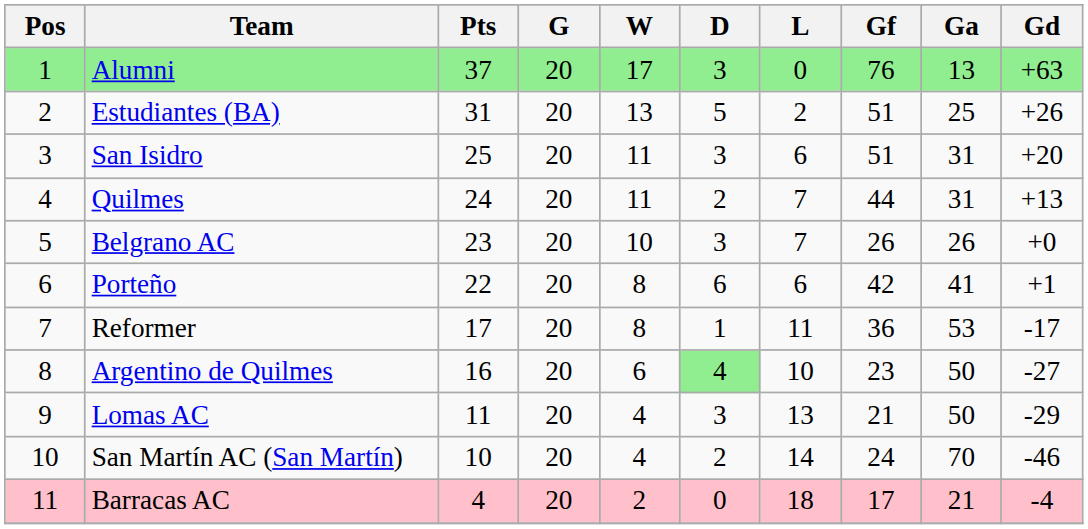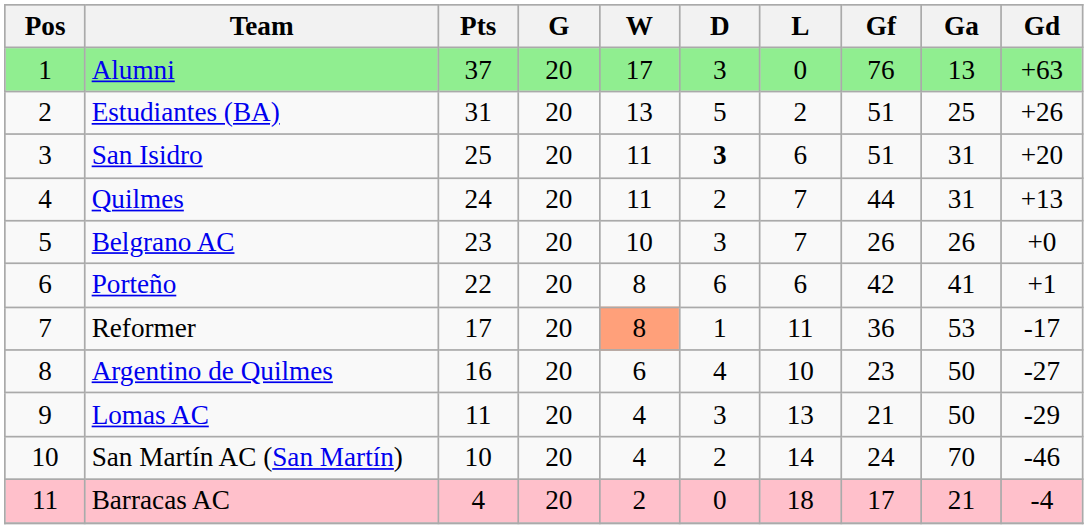 <table class="wikitable" style="text-align:center">
 <tr>
 <th width=40px>Pos</th>
 <th width=200px>Team</th>
 <th width=40px>Pts</th>
 <th width=40px>G</th>
 <th width=40px>W</th>
 <th width=40px>D</th>
 <th width=40px>L</th>
 <th width=40px>Gf</th>
 <th width=40px>Ga</th>
 <th width=40px>Gd</th>
 </tr>
 <tr align=center bgcolor="lightgreen">
 <td>1</td>
 <td align=left><a href='#'>Alumni</a></td>
 <td>37</td>
 <td>20</td>
 <td>17</td>
 <td>3</td>
 <td>0</td>
 <td>76</td>
 <td>13</td>
 <td>+63</td>
 </tr>
 <tr>
 <td>2</td>
 <td align=left><a href='#'>Estudiantes (BA)</a></td>
 <td>31</td>
 <td>20</td>
 <td>13</td>
 <td>5</td>
 <td>2</td>
 <td>51</td>
 <td>25</td>
 <td>+26</td>
 </tr>
 <tr>
 <td>3</td>
 <td align=left><a href='#'>San Isidro</a></td>
 <td>25</td>
 <td>20</td>
 <td>11</td>
-<td>3</td>
+<td><strong>3</strong></td>
 <td>6</td>
 <td>51</td>
 <td>31</td>
 <td>+20</td>
 </tr>
 <tr>
 <td>4</td>
 <td align=left><a href='#'>Quilmes</a></td>
 <td>24</td>
 <td>20</td>
 <td>11</td>
 <td>2</td>
 <td>7</td>
 <td>44</td>
 <td>31</td>
 <td>+13</td>
 </tr>
 <tr>
 <td>5</td>
 <td align=left><a href='#'>Belgrano AC</a></td>
 <td>23</td>
 <td>20</td>
 <td>10</td>
 <td>3</td>
 <td>7</td>
 <td>26</td>
 <td>26</td>
 <td>+0</td>
 </tr>
 <tr>
 <td>6</td>
 <td align=left><a href='#'>Porteño</a></td>
 <td>22</td>
 <td>20</td>
 <td>8</td>
 <td>6</td>
 <td>6</td>
 <td>42</td>
 <td>41</td>
 <td>+1</td>
 </tr>
 <tr>
 <td>7</td>
 <td align=left>Reformer</td>
 <td>17</td>
 <td>20</td>
-<td>8</td>
+<td style="background: lightsalmon;">8</td>
 <td>1</td>
 <td>11</td>
 <td>36</td>
 <td>53</td>
 <td>-17</td>
 </tr>
 <tr>
 <td>8</td>
 <td align=left><a href='#'>Argentino de Quilmes</a></td>
 <td>16</td>
 <td>20</td>
 <td>6</td>
-<td style="background: lightgreen;">4</td>
+<td>4</td>
 <td>10</td>
 <td>23</td>
 <td>50</td>
 <td>-27</td>
 </tr>
 <tr>
 <td>9</td>
 <td align=left><a href='#'>Lomas AC</a></td>
 <td>11</td>
 <td>20</td>
 <td>4</td>
 <td>3</td>
 <td>13</td>
 <td>21</td>
 <td>50</td>
 <td>-29</td>
 </tr>
 <tr>
 <td>10</td>
 <td align=left>San Martín AC (<a href='#'>San Martín</a>)</td>
 <td>10</td>
 <td>20</td>
 <td>4</td>
 <td>2</td>
 <td>14</td>
 <td>24</td>
 <td>70</td>
 <td>-46</td>
 </tr>
 <tr bgcolor="pink">
 <td>11</td>
 <td align=left>Barracas AC </td>
 <td>4</td>
 <td>20</td>
 <td>2</td>
 <td>0</td>
 <td>18</td>
 <td>17</td>
 <td>21</td>
 <td>-4</td>
 </tr>
 <tr>
 </tr>
 </table>
